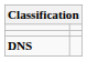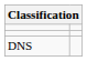 <table class="wikitable" font-size: 90%;>
 <tr>
 <th colspan=2>Classification</th>
 </tr>
 <tr valign="top">
 <td></td>
 <td></td>
 </tr>
 <tr>
 <td></td>
 <td></td>
 </tr>
 <tr>
-<td><strong>DNS</strong></td>
+<td>DNS</td>
 <td></td>
 </tr>
 </table>
